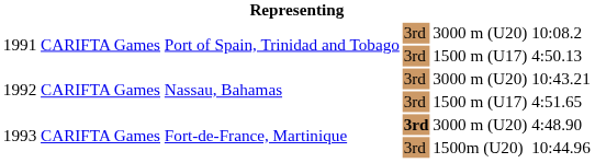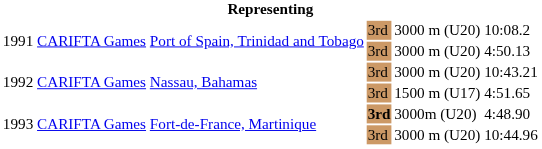 <table>
 <tr>
 <th colspan="6">Representing </th>
 </tr>
 <tr>
 <td rowspan=2>1991</td>
 <td rowspan=2><a href='#'>CARIFTA Games</a></td>
 <td rowspan=2><a href='#'>Port of Spain, Trinidad and Tobago</a></td>
 <td bgcolor=cc9966>3rd</td>
 <td>3000 m (U20)</td>
 <td>10:08.2</td>
 </tr>
 <tr>
 <td bgcolor=cc9966>3rd</td>
-<td>1500 m (U17)</td>
+<td>3000 m (U20)</td>
 <td>4:50.13</td>
 </tr>
 <tr>
 <td rowspan=2>1992</td>
 <td rowspan=2><a href='#'>CARIFTA Games</a></td>
 <td rowspan=2><a href='#'>Nassau, Bahamas</a></td>
 <td bgcolor=cc9966>3rd</td>
 <td>3000 m (U20)</td>
 <td>10:43.21</td>
 </tr>
 <tr>
 <td bgcolor=cc9966>3rd</td>
 <td>1500 m (U17)</td>
 <td>4:51.65</td>
 </tr>
 <tr>
 <td rowspan=2>1993</td>
 <td rowspan=2><a href='#'>CARIFTA Games</a></td>
 <td rowspan=2><a href='#'>Fort-de-France, Martinique</a></td>
 <td bgcolor=cc9966><strong>3rd</strong></td>
-<td>3000 m (U20)</td>
+<td>3000m (U20)</td>
 <td>4:48.90</td>
 </tr>
 <tr>
 <td bgcolor=cc9966>3rd</td>
-<td>1500m (U20)</td>
+<td>3000 m (U20)</td>
 <td>10:44.96</td>
 </tr>
 <tr>
 </tr>
 </table>
